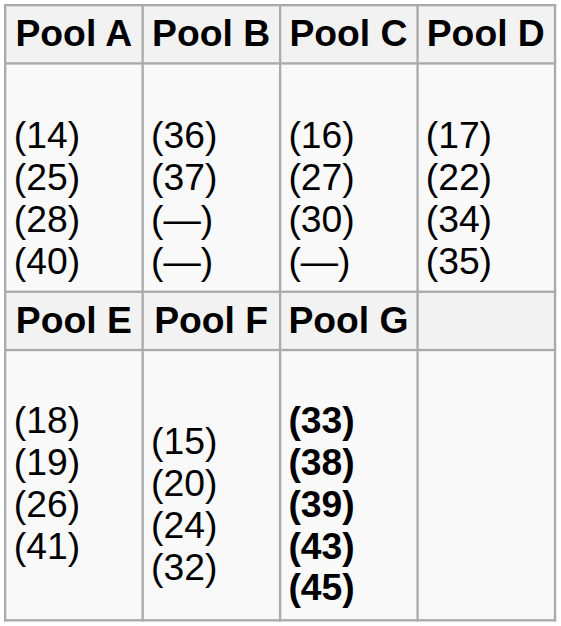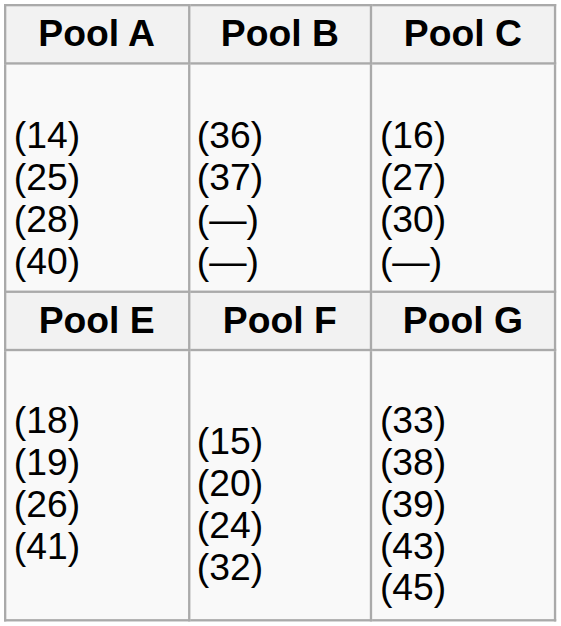 <table class="wikitable">
 <tr>
 <th width=25%>Pool A</th>
 <th width=25%>Pool B</th>
 <th width=25%>Pool C</th>
-<th width=25%>Pool D</th>
 </tr>
 <tr>
 <td><br> (14)<br>  (25)<br>  (28)<br>  (40)</td>
 <td valign=top><br> (36)<br>  (37)<br>  (—)<br>  (—)</td>
 <td><br> (16)<br>  (27)<br>  (30)<br>  (—)</td>
-<td><br> (17)<br>  (22)<br>  (34)<br>  (35)</td>
 </tr>
 <tr>
 <th>Pool E</th>
 <th>Pool F</th>
 <th>Pool G</th>
-<th></th>
 </tr>
 <tr>
 <td valign=top><br> (18)<br>  (19)<br>  (26)<br>  (41)</td>
 <td><br> (15)<br>  (20)<br>  (24)<br>  (32)</td>
-<td><strong><br> (33)<br>  (38)<br>  (39)<br>  (43)<br>  (45)</strong></td>
-<td></td>
+<td><br> (33)<br>  (38)<br>  (39)<br>  (43)<br>  (45)</td>
 </tr>
 </table>
